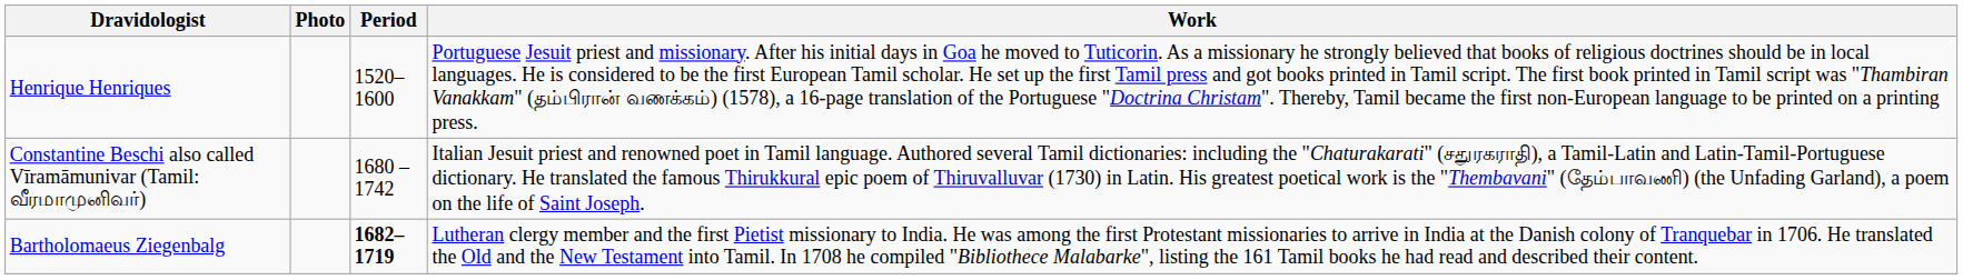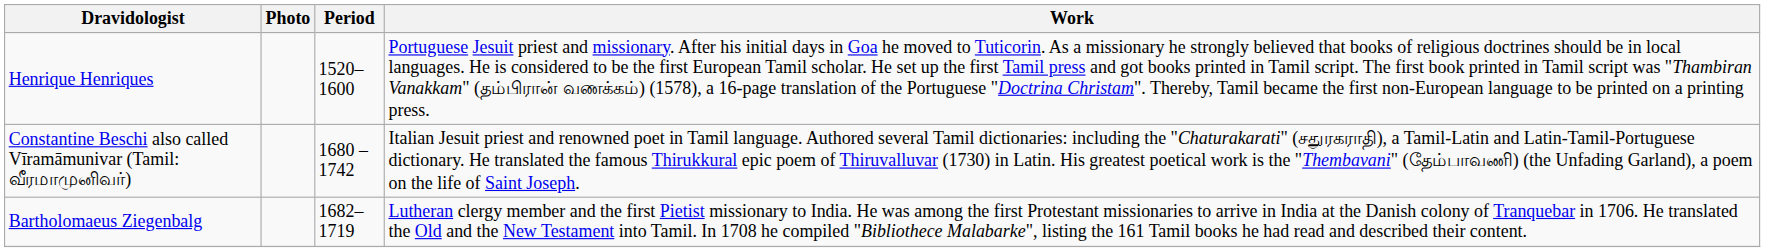 <table class="wikitable sortable">
 <tr>
 <th>Dravidologist</th>
 <th>Photo</th>
 <th>Period</th>
 <th>Work</th>
 </tr>
 <tr>
 <td><a href='#'>Henrique Henriques</a></td>
 <td></td>
 <td>1520–1600</td>
 <td><a href='#'>Portuguese</a> <a href='#'>Jesuit</a> priest and <a href='#'>missionary</a>. After his initial days in <a href='#'>Goa</a> he moved to <a href='#'>Tuticorin</a>. As a missionary he strongly believed that books of religious doctrines should be in local languages. He is considered to be the first European Tamil scholar. He set up the first <a href='#'>Tamil press</a> and got books printed in Tamil script. The first book printed in Tamil script was "<em>Thambiran Vanakkam</em>" (தம்பிரான் வணக்கம்) (1578), a 16-page translation of the Portuguese "<a href='#'><em>Doctrina Christam</em></a>". Thereby, Tamil became the first non-European language to be printed on a printing press.</td>
 </tr>
 <tr>
 <td><a href='#'>Constantine Beschi</a> also called Vīramāmunivar (Tamil: வீரமாமுனிவர்)</td>
 <td></td>
 <td>1680 –1742</td>
 <td>Italian Jesuit priest and renowned poet in Tamil language. Authored several Tamil dictionaries: including the "<em>Chaturakarati</em>" (சதுரகராதி), a Tamil-Latin and Latin-Tamil-Portuguese dictionary. He translated the famous <a href='#'>Thirukkural</a> epic poem of <a href='#'>Thiruvalluvar</a> (1730) in Latin. His greatest poetical work is the "<em><a href='#'>Thembavani</a></em>" (தேம்பாவணி) (the Unfading Garland), a poem on the life of <a href='#'>Saint Joseph</a>.</td>
 </tr>
 <tr>
 <td><a href='#'>Bartholomaeus Ziegenbalg</a></td>
 <td></td>
-<td><strong>1682–1719</strong></td>
+<td>1682–1719</td>
 <td><a href='#'>Lutheran</a> clergy member and the first <a href='#'>Pietist</a> missionary to India. He was among the first Protestant missionaries to arrive in India at the Danish colony of <a href='#'>Tranquebar</a> in 1706. He translated the <a href='#'>Old</a> and the <a href='#'>New Testament</a> into Tamil.  In 1708 he compiled "<em>Bibliothece Malabarke</em>", listing the 161 Tamil books he had read and described their content.</td>
 </tr>
 <tr>
 </tr>
 </table>
